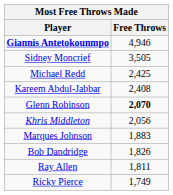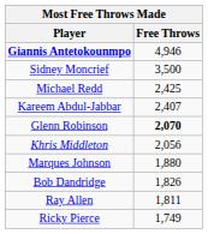 <table class="wikitable sortable" style="text-align:center">
 <tr>
 <th colspan="5">Most Free Throws Made</th>
 </tr>
 <tr>
 <th>Player</th>
 <th>Free Throws</th>
 </tr>
 <tr>
 <td><strong><a href='#'>Giannis Antetokounmpo</a></strong></td>
 <td>4,946</td>
 </tr>
 <tr>
 <td><a href='#'>Sidney Moncrief</a></td>
-<td>3,505</td>
+<td>3,500</td>
 </tr>
 <tr>
 <td><a href='#'>Michael Redd</a></td>
 <td>2,425</td>
 </tr>
 <tr>
 <td><a href='#'>Kareem Abdul-Jabbar</a></td>
-<td>2,408</td>
+<td>2,407</td>
 </tr>
 <tr>
 <td><a href='#'>Glenn Robinson</a></td>
 <td><strong>2,070</strong></td>
 </tr>
 <tr>
 <td><em><a href='#'>Khris Middleton</a></em></td>
 <td>2,056</td>
 </tr>
 <tr>
 <td><a href='#'>Marques Johnson</a></td>
-<td>1,883</td>
+<td>1,880</td>
 </tr>
 <tr>
 <td><a href='#'>Bob Dandridge</a></td>
 <td>1,826</td>
 </tr>
 <tr>
 <td><a href='#'>Ray Allen</a></td>
 <td>1,811</td>
 </tr>
 <tr>
 <td><a href='#'>Ricky Pierce</a></td>
 <td>1,749</td>
 </tr>
 </table>
